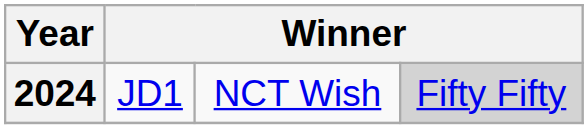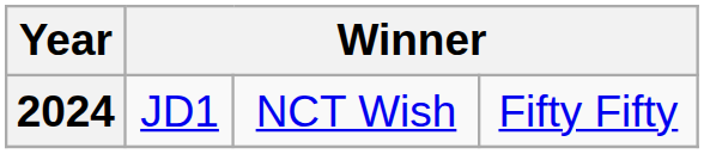 <table class="wikitable plainrowheaders" style="text-align:center">
 <tr>
 <th scope="col">Year</th>
 <th scope="col" width="200" colspan='3'>Winner</th>
 </tr>
 <tr>
 <th scope="row">2024</th>
 <td><a href='#'>JD1</a></td>
 <td><a href='#'>NCT Wish</a></td>
-<td style="background: lightgrey;"><a href='#'>Fifty Fifty</a></td>
+<td><a href='#'>Fifty Fifty</a></td>
 </tr>
 <tr>
 </tr>
 </table>
